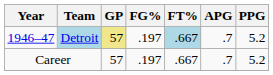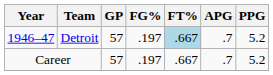 <table class="wikitable sortable" style="font-size:95%; text-align:right;">
 <tr>
 <th>Year</th>
 <th>Team</th>
 <th>GP</th>
 <th>FG%</th>
 <th>FT%</th>
 <th>APG</th>
 <th>PPG</th>
 </tr>
 <tr>
 <td style="text-align:left;"><a href='#'>1946–47</a></td>
-<td style="background: lightblue; text-align:left;"><a href='#'>Detroit</a></td>
-<td style="background: khaki;">57</td>
+<td style="text-align:left;"><a href='#'>Detroit</a></td>
+<td>57</td>
 <td>.197</td>
 <td style="background: lightblue;">.667</td>
 <td>.7</td>
 <td>5.2</td>
 </tr>
 <tr>
 <td style="text-align:center;" colspan="2">Career</td>
 <td>57</td>
 <td>.197</td>
 <td>.667</td>
 <td>.7</td>
 <td>5.2</td>
 </tr>
 <tr>
 </tr>
 </table>
